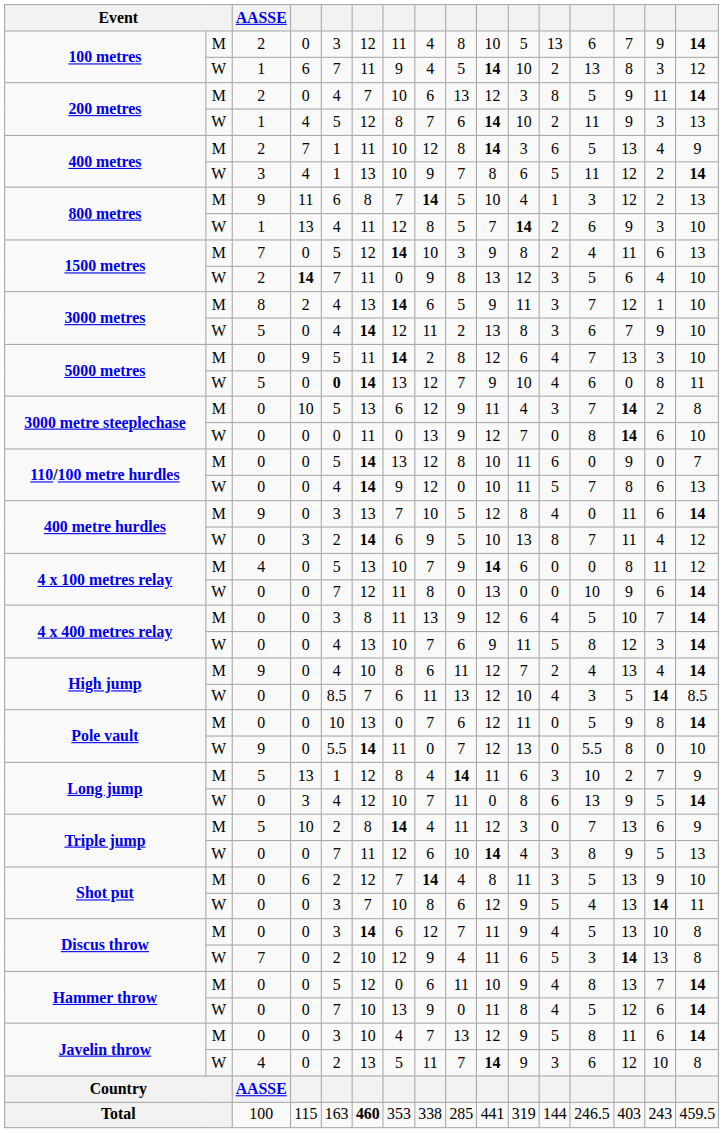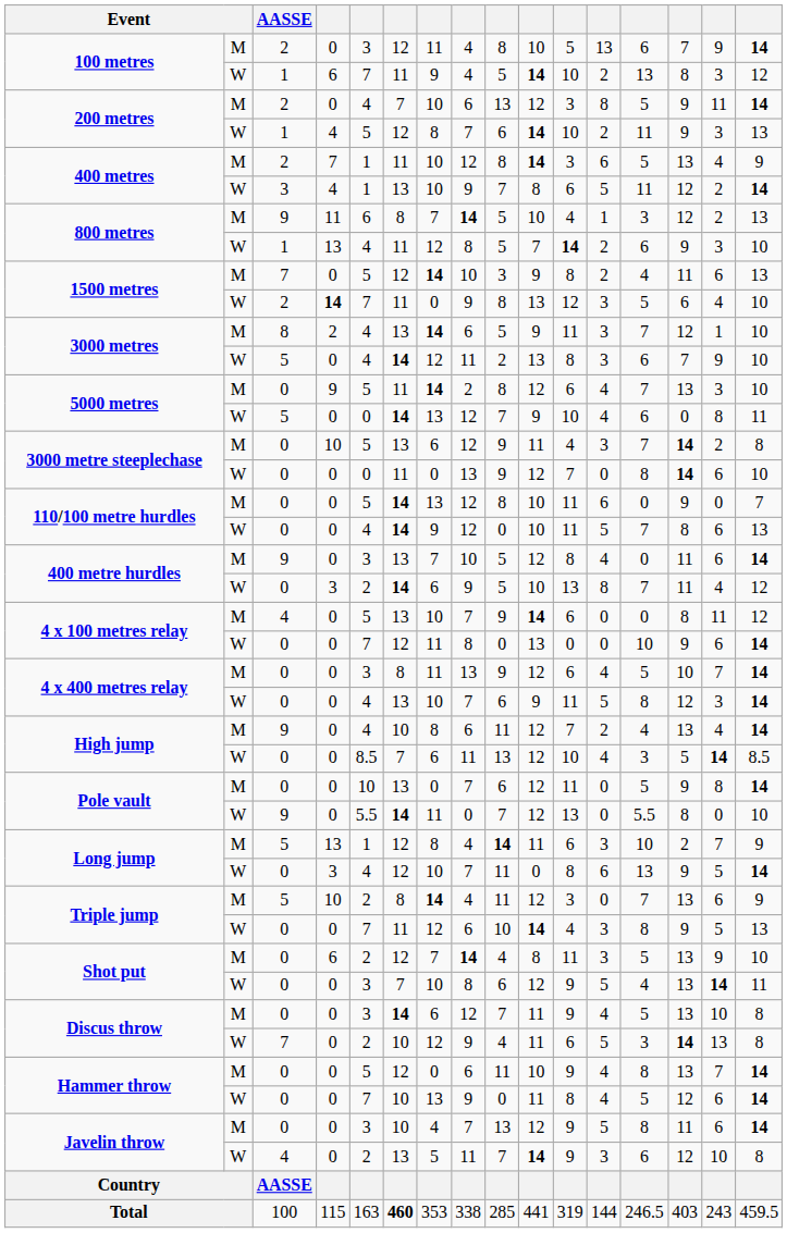 <table class="wikitable" style="background-color: #f9f9f9; font-size: 90%; text-align: center">
 <tr>
 <th width=200 colspan=2>Event</th>
 <th> <a href='#'>AASSE</a></th>
 <th></th>
 <th></th>
 <th></th>
 <th></th>
 <th></th>
 <th></th>
 <th></th>
 <th></th>
 <th></th>
 <th></th>
 <th></th>
 <th></th>
 <th></th>
 </tr>
 <tr>
 <td rowspan=2><strong><a href='#'>100 metres</a></strong></td>
 <td>M</td>
 <td>2</td>
 <td>0</td>
 <td>3</td>
 <td>12</td>
 <td>11</td>
 <td>4</td>
 <td>8</td>
 <td>10</td>
 <td>5</td>
 <td>13</td>
 <td>6</td>
 <td>7</td>
 <td>9</td>
 <td><strong>14</strong></td>
 </tr>
 <tr>
 <td>W</td>
 <td>1</td>
 <td>6</td>
 <td>7</td>
 <td>11</td>
 <td>9</td>
 <td>4</td>
 <td>5</td>
 <td><strong>14</strong></td>
 <td>10</td>
 <td>2</td>
 <td>13</td>
 <td>8</td>
 <td>3</td>
 <td>12</td>
 </tr>
 <tr>
 <td rowspan=2><strong><a href='#'>200 metres</a></strong></td>
 <td>M</td>
 <td>2</td>
 <td>0</td>
 <td>4</td>
 <td>7</td>
 <td>10</td>
 <td>6</td>
 <td>13</td>
 <td>12</td>
 <td>3</td>
 <td>8</td>
 <td>5</td>
 <td>9</td>
 <td>11</td>
 <td><strong>14</strong></td>
 </tr>
 <tr>
 <td>W</td>
 <td>1</td>
 <td>4</td>
 <td>5</td>
 <td>12</td>
 <td>8</td>
 <td>7</td>
 <td>6</td>
 <td><strong>14</strong></td>
 <td>10</td>
 <td>2</td>
 <td>11</td>
 <td>9</td>
 <td>3</td>
 <td>13</td>
 </tr>
 <tr>
 <td rowspan=2><strong><a href='#'>400 metres</a></strong></td>
 <td>M</td>
 <td>2</td>
 <td>7</td>
 <td>1</td>
 <td>11</td>
 <td>10</td>
 <td>12</td>
 <td>8</td>
 <td><strong>14</strong></td>
 <td>3</td>
 <td>6</td>
 <td>5</td>
 <td>13</td>
 <td>4</td>
 <td>9</td>
 </tr>
 <tr>
 <td>W</td>
 <td>3</td>
 <td>4</td>
 <td>1</td>
 <td>13</td>
 <td>10</td>
 <td>9</td>
 <td>7</td>
 <td>8</td>
 <td>6</td>
 <td>5</td>
 <td>11</td>
 <td>12</td>
 <td>2</td>
 <td><strong>14</strong></td>
 </tr>
 <tr>
 <td rowspan=2><strong><a href='#'>800 metres</a></strong></td>
 <td>M</td>
 <td>9</td>
 <td>11</td>
 <td>6</td>
 <td>8</td>
 <td>7</td>
 <td><strong>14</strong></td>
 <td>5</td>
 <td>10</td>
 <td>4</td>
 <td>1</td>
 <td>3</td>
 <td>12</td>
 <td>2</td>
 <td>13</td>
 </tr>
 <tr>
 <td>W</td>
 <td>1</td>
 <td>13</td>
 <td>4</td>
 <td>11</td>
 <td>12</td>
 <td>8</td>
 <td>5</td>
 <td>7</td>
 <td><strong>14</strong></td>
 <td>2</td>
 <td>6</td>
 <td>9</td>
 <td>3</td>
 <td>10</td>
 </tr>
 <tr>
 <td rowspan=2><strong><a href='#'>1500 metres</a></strong></td>
 <td>M</td>
 <td>7</td>
 <td>0</td>
 <td>5</td>
 <td>12</td>
 <td><strong>14</strong></td>
 <td>10</td>
 <td>3</td>
 <td>9</td>
 <td>8</td>
 <td>2</td>
 <td>4</td>
 <td>11</td>
 <td>6</td>
 <td>13</td>
 </tr>
 <tr>
 <td>W</td>
 <td>2</td>
 <td><strong>14</strong></td>
 <td>7</td>
 <td>11</td>
 <td>0</td>
 <td>9</td>
 <td>8</td>
 <td>13</td>
 <td>12</td>
 <td>3</td>
 <td>5</td>
 <td>6</td>
 <td>4</td>
 <td>10</td>
 </tr>
 <tr>
 <td rowspan=2><strong><a href='#'>3000 metres</a></strong></td>
 <td>M</td>
 <td>8</td>
 <td>2</td>
 <td>4</td>
 <td>13</td>
 <td><strong>14</strong></td>
 <td>6</td>
 <td>5</td>
 <td>9</td>
 <td>11</td>
 <td>3</td>
 <td>7</td>
 <td>12</td>
 <td>1</td>
 <td>10</td>
 </tr>
 <tr>
 <td>W</td>
 <td>5</td>
 <td>0</td>
 <td>4</td>
 <td><strong>14</strong></td>
 <td>12</td>
 <td>11</td>
 <td>2</td>
 <td>13</td>
 <td>8</td>
 <td>3</td>
 <td>6</td>
 <td>7</td>
 <td>9</td>
 <td>10</td>
 </tr>
 <tr>
 <td rowspan=2><strong><a href='#'>5000 metres</a></strong></td>
 <td>M</td>
 <td>0</td>
 <td>9</td>
 <td>5</td>
 <td>11</td>
 <td><strong>14</strong></td>
 <td>2</td>
 <td>8</td>
 <td>12</td>
 <td>6</td>
 <td>4</td>
 <td>7</td>
 <td>13</td>
 <td>3</td>
 <td>10</td>
 </tr>
 <tr>
 <td>W</td>
 <td>5</td>
 <td>0</td>
-<td><strong>0</strong></td>
+<td>0</td>
 <td><strong>14</strong></td>
 <td>13</td>
 <td>12</td>
 <td>7</td>
 <td>9</td>
 <td>10</td>
 <td>4</td>
 <td>6</td>
 <td>0</td>
 <td>8</td>
 <td>11</td>
 </tr>
 <tr>
 <td rowspan=2><strong><a href='#'>3000 metre steeplechase</a></strong></td>
 <td>M</td>
 <td>0</td>
 <td>10</td>
 <td>5</td>
 <td>13</td>
 <td>6</td>
 <td>12</td>
 <td>9</td>
 <td>11</td>
 <td>4</td>
 <td>3</td>
 <td>7</td>
 <td><strong>14</strong></td>
 <td>2</td>
 <td>8</td>
 </tr>
 <tr>
 <td>W</td>
 <td>0</td>
 <td>0</td>
 <td>0</td>
 <td>11</td>
 <td>0</td>
 <td>13</td>
 <td>9</td>
 <td>12</td>
 <td>7</td>
 <td>0</td>
 <td>8</td>
 <td><strong>14</strong></td>
 <td>6</td>
 <td>10</td>
 </tr>
 <tr>
 <td rowspan=2><strong><a href='#'>110</a>/<a href='#'>100 metre hurdles</a></strong></td>
 <td>M</td>
 <td>0</td>
 <td>0</td>
 <td>5</td>
 <td><strong>14</strong></td>
 <td>13</td>
 <td>12</td>
 <td>8</td>
 <td>10</td>
 <td>11</td>
 <td>6</td>
 <td>0</td>
 <td>9</td>
 <td>0</td>
 <td>7</td>
 </tr>
 <tr>
 <td>W</td>
 <td>0</td>
 <td>0</td>
 <td>4</td>
 <td><strong>14</strong></td>
 <td>9</td>
 <td>12</td>
 <td>0</td>
 <td>10</td>
 <td>11</td>
 <td>5</td>
 <td>7</td>
 <td>8</td>
 <td>6</td>
 <td>13</td>
 </tr>
 <tr>
 <td rowspan=2><strong><a href='#'>400 metre hurdles</a></strong></td>
 <td>M</td>
 <td>9</td>
 <td>0</td>
 <td>3</td>
 <td>13</td>
 <td>7</td>
 <td>10</td>
 <td>5</td>
 <td>12</td>
 <td>8</td>
 <td>4</td>
 <td>0</td>
 <td>11</td>
 <td>6</td>
 <td><strong>14</strong></td>
 </tr>
 <tr>
 <td>W</td>
 <td>0</td>
 <td>3</td>
 <td>2</td>
 <td><strong>14</strong></td>
 <td>6</td>
 <td>9</td>
 <td>5</td>
 <td>10</td>
 <td>13</td>
 <td>8</td>
 <td>7</td>
 <td>11</td>
 <td>4</td>
 <td>12</td>
 </tr>
 <tr>
 <td rowspan=2><strong><a href='#'>4 x 100 metres relay</a></strong></td>
 <td>M</td>
 <td>4</td>
 <td>0</td>
 <td>5</td>
 <td>13</td>
 <td>10</td>
 <td>7</td>
 <td>9</td>
 <td><strong>14</strong></td>
 <td>6</td>
 <td>0</td>
 <td>0</td>
 <td>8</td>
 <td>11</td>
 <td>12</td>
 </tr>
 <tr>
 <td>W</td>
 <td>0</td>
 <td>0</td>
 <td>7</td>
 <td>12</td>
 <td>11</td>
 <td>8</td>
 <td>0</td>
 <td>13</td>
 <td>0</td>
 <td>0</td>
 <td>10</td>
 <td>9</td>
 <td>6</td>
 <td><strong>14</strong></td>
 </tr>
 <tr>
 <td rowspan=2><strong><a href='#'>4 x 400 metres relay</a></strong></td>
 <td>M</td>
 <td>0</td>
 <td>0</td>
 <td>3</td>
 <td>8</td>
 <td>11</td>
 <td>13</td>
 <td>9</td>
 <td>12</td>
 <td>6</td>
 <td>4</td>
 <td>5</td>
 <td>10</td>
 <td>7</td>
 <td><strong>14</strong></td>
 </tr>
 <tr>
 <td>W</td>
 <td>0</td>
 <td>0</td>
 <td>4</td>
 <td>13</td>
 <td>10</td>
 <td>7</td>
 <td>6</td>
 <td>9</td>
 <td>11</td>
 <td>5</td>
 <td>8</td>
 <td>12</td>
 <td>3</td>
 <td><strong>14</strong></td>
 </tr>
 <tr>
 <td rowspan=2><strong><a href='#'>High jump</a></strong></td>
 <td>M</td>
 <td>9</td>
 <td>0</td>
 <td>4</td>
 <td>10</td>
 <td>8</td>
 <td>6</td>
 <td>11</td>
 <td>12</td>
 <td>7</td>
 <td>2</td>
 <td>4</td>
 <td>13</td>
 <td>4</td>
 <td><strong>14</strong></td>
 </tr>
 <tr>
 <td>W</td>
 <td>0</td>
 <td>0</td>
 <td>8.5</td>
 <td>7</td>
 <td>6</td>
 <td>11</td>
 <td>13</td>
 <td>12</td>
 <td>10</td>
 <td>4</td>
 <td>3</td>
 <td>5</td>
 <td><strong>14</strong></td>
 <td>8.5</td>
 </tr>
 <tr>
 <td rowspan=2><strong><a href='#'>Pole vault </a></strong></td>
 <td>M</td>
 <td>0</td>
 <td>0</td>
 <td>10</td>
 <td>13</td>
 <td>0</td>
 <td>7</td>
 <td>6</td>
 <td>12</td>
 <td>11</td>
 <td>0</td>
 <td>5</td>
 <td>9</td>
 <td>8</td>
 <td><strong>14</strong></td>
 </tr>
 <tr>
 <td>W</td>
 <td>9</td>
 <td>0</td>
 <td>5.5</td>
 <td><strong>14</strong></td>
 <td>11</td>
 <td>0</td>
 <td>7</td>
 <td>12</td>
 <td>13</td>
 <td>0</td>
 <td>5.5</td>
 <td>8</td>
 <td>0</td>
 <td>10</td>
 </tr>
 <tr>
 <td rowspan=2><strong><a href='#'>Long jump</a></strong></td>
 <td>M</td>
 <td>5</td>
 <td>13</td>
 <td>1</td>
 <td>12</td>
 <td>8</td>
 <td>4</td>
 <td><strong>14</strong></td>
 <td>11</td>
 <td>6</td>
 <td>3</td>
 <td>10</td>
 <td>2</td>
 <td>7</td>
 <td>9</td>
 </tr>
 <tr>
 <td>W</td>
 <td>0</td>
 <td>3</td>
 <td>4</td>
 <td>12</td>
 <td>10</td>
 <td>7</td>
 <td>11</td>
 <td>0</td>
 <td>8</td>
 <td>6</td>
 <td>13</td>
 <td>9</td>
 <td>5</td>
 <td><strong>14</strong></td>
 </tr>
 <tr>
 <td rowspan=2><strong><a href='#'>Triple jump</a></strong></td>
 <td>M</td>
 <td>5</td>
 <td>10</td>
 <td>2</td>
 <td>8</td>
 <td><strong>14</strong></td>
 <td>4</td>
 <td>11</td>
 <td>12</td>
 <td>3</td>
 <td>0</td>
 <td>7</td>
 <td>13</td>
 <td>6</td>
 <td>9</td>
 </tr>
 <tr>
 <td>W</td>
 <td>0</td>
 <td>0</td>
 <td>7</td>
 <td>11</td>
 <td>12</td>
 <td>6</td>
 <td>10</td>
 <td><strong>14</strong></td>
 <td>4</td>
 <td>3</td>
 <td>8</td>
 <td>9</td>
 <td>5</td>
 <td>13</td>
 </tr>
 <tr>
 <td rowspan=2><strong><a href='#'>Shot put</a></strong></td>
 <td>M</td>
 <td>0</td>
 <td>6</td>
 <td>2</td>
 <td>12</td>
 <td>7</td>
 <td><strong>14</strong></td>
 <td>4</td>
 <td>8</td>
 <td>11</td>
 <td>3</td>
 <td>5</td>
 <td>13</td>
 <td>9</td>
 <td>10</td>
 </tr>
 <tr>
 <td>W</td>
 <td>0</td>
 <td>0</td>
 <td>3</td>
 <td>7</td>
 <td>10</td>
 <td>8</td>
 <td>6</td>
 <td>12</td>
 <td>9</td>
 <td>5</td>
 <td>4</td>
 <td>13</td>
 <td><strong>14</strong></td>
 <td>11</td>
 </tr>
 <tr>
 <td rowspan=2><strong><a href='#'>Discus throw</a></strong></td>
 <td>M</td>
 <td>0</td>
 <td>0</td>
 <td>3</td>
 <td><strong>14</strong></td>
 <td>6</td>
 <td>12</td>
 <td>7</td>
 <td>11</td>
 <td>9</td>
 <td>4</td>
 <td>5</td>
 <td>13</td>
 <td>10</td>
 <td>8</td>
 </tr>
 <tr>
 <td>W</td>
 <td>7</td>
 <td>0</td>
 <td>2</td>
 <td>10</td>
 <td>12</td>
 <td>9</td>
 <td>4</td>
 <td>11</td>
 <td>6</td>
 <td>5</td>
 <td>3</td>
 <td><strong>14</strong></td>
 <td>13</td>
 <td>8</td>
 </tr>
 <tr>
 <td rowspan=2><strong><a href='#'>Hammer throw</a></strong></td>
 <td>M</td>
 <td>0</td>
 <td>0</td>
 <td>5</td>
 <td>12</td>
 <td>0</td>
 <td>6</td>
 <td>11</td>
 <td>10</td>
 <td>9</td>
 <td>4</td>
 <td>8</td>
 <td>13</td>
 <td>7</td>
 <td><strong>14</strong></td>
 </tr>
 <tr>
 <td>W</td>
 <td>0</td>
 <td>0</td>
 <td>7</td>
 <td>10</td>
 <td>13</td>
 <td>9</td>
 <td>0</td>
 <td>11</td>
 <td>8</td>
 <td>4</td>
 <td>5</td>
 <td>12</td>
 <td>6</td>
 <td><strong>14</strong></td>
 </tr>
 <tr>
 <td rowspan=2><strong><a href='#'>Javelin throw</a></strong></td>
 <td>M</td>
 <td>0</td>
 <td>0</td>
 <td>3</td>
 <td>10</td>
 <td>4</td>
 <td>7</td>
 <td>13</td>
 <td>12</td>
 <td>9</td>
 <td>5</td>
 <td>8</td>
 <td>11</td>
 <td>6</td>
 <td><strong>14</strong></td>
 </tr>
 <tr>
 <td>W</td>
 <td>4</td>
 <td>0</td>
 <td>2</td>
 <td>13</td>
 <td>5</td>
 <td>11</td>
 <td>7</td>
 <td><strong>14</strong></td>
 <td>9</td>
 <td>3</td>
 <td>6</td>
 <td>12</td>
 <td>10</td>
 <td>8</td>
 </tr>
 <tr>
 <th colspan=2>Country</th>
 <th> <a href='#'>AASSE</a></th>
 <th></th>
 <th></th>
 <th></th>
 <th></th>
 <th></th>
 <th></th>
 <th></th>
 <th></th>
 <th></th>
 <th></th>
 <th></th>
 <th></th>
 <th></th>
 </tr>
 <tr>
 <th colspan=2>Total</th>
 <td>100</td>
 <td>115</td>
 <td>163</td>
 <td><strong>460</strong></td>
 <td>353</td>
 <td>338</td>
 <td>285</td>
 <td>441</td>
 <td>319</td>
 <td>144</td>
 <td>246.5</td>
 <td>403</td>
 <td>243</td>
 <td>459.5</td>
 </tr>
 </table>
